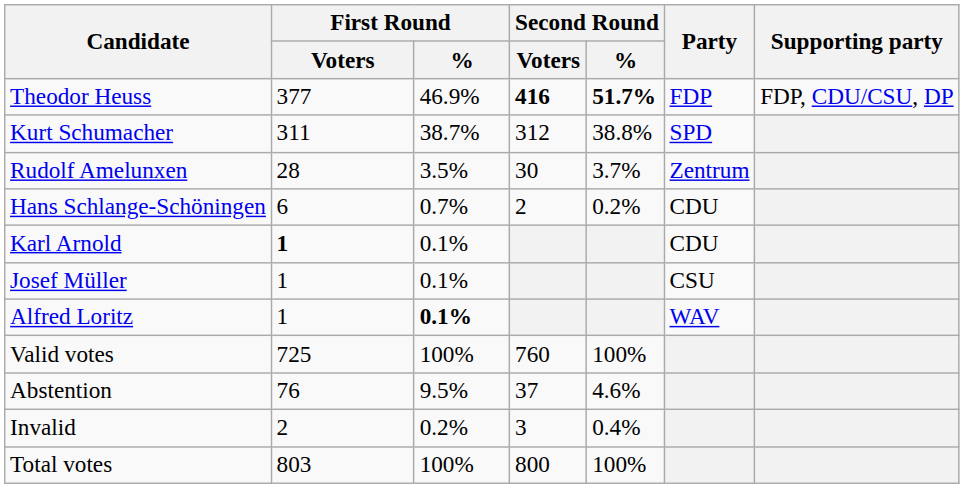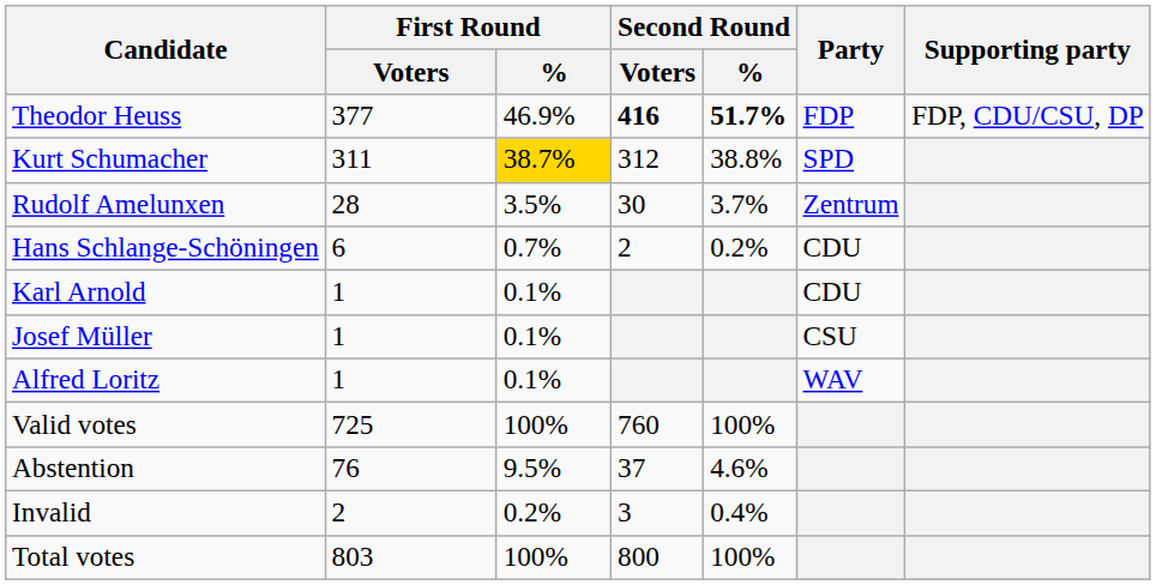 <table class="wikitable">
 <tr>
 <th rowspan="2">Candidate</th>
 <th colspan="2">First Round</th>
 <th colspan="2">Second Round</th>
 <th rowspan="2">Party</th>
 <th rowspan="2">Supporting party</th>
 </tr>
 <tr>
 <th style="width:15%;">Voters</th>
 <th style="width:10%;">%</th>
 <th>Voters</th>
 <th>%</th>
 </tr>
 <tr>
 <td><a href='#'>Theodor Heuss</a></td>
 <td>377</td>
 <td>46.9%</td>
 <td><strong>416</strong></td>
 <td><strong>51.7%</strong></td>
 <td><a href='#'>FDP</a></td>
 <td>FDP, <a href='#'>CDU/CSU</a>, <a href='#'>DP</a></td>
 </tr>
 <tr>
 <td><a href='#'>Kurt Schumacher</a></td>
 <td>311</td>
-<td>38.7%</td>
+<td style="background: gold;">38.7%</td>
 <td>312</td>
 <td>38.8%</td>
 <td><a href='#'>SPD</a></td>
 <th></th>
 </tr>
 <tr>
 <td><a href='#'>Rudolf Amelunxen</a></td>
 <td>28</td>
 <td>3.5%</td>
 <td>30</td>
 <td>3.7%</td>
 <td><a href='#'>Zentrum</a></td>
 <th></th>
 </tr>
 <tr>
 <td><a href='#'>Hans Schlange-Schöningen</a></td>
 <td>6</td>
 <td>0.7%</td>
 <td>2</td>
 <td>0.2%</td>
 <td>CDU</td>
 <th></th>
 </tr>
 <tr>
 <td><a href='#'>Karl Arnold</a></td>
-<td><strong>1</strong></td>
+<td>1</td>
 <td>0.1%</td>
 <th></th>
 <th></th>
 <td>CDU</td>
 <th></th>
 </tr>
 <tr>
 <td><a href='#'>Josef Müller</a></td>
 <td>1</td>
 <td>0.1%</td>
 <th></th>
 <th></th>
 <td>CSU</td>
 <th></th>
 </tr>
 <tr>
 <td><a href='#'>Alfred Loritz</a></td>
 <td>1</td>
-<td><strong>0.1%</strong></td>
+<td>0.1%</td>
 <th></th>
 <th></th>
 <td><a href='#'>WAV</a></td>
 <th></th>
 </tr>
 <tr>
 <td>Valid votes</td>
 <td>725</td>
 <td>100%</td>
 <td>760</td>
 <td>100%</td>
 <th></th>
 <th></th>
 </tr>
 <tr>
 <td>Abstention</td>
 <td>76</td>
 <td>9.5%</td>
 <td>37</td>
 <td>4.6%</td>
 <th></th>
 <th></th>
 </tr>
 <tr>
 <td>Invalid</td>
 <td>2</td>
 <td>0.2%</td>
 <td>3</td>
 <td>0.4%</td>
 <th></th>
 <th></th>
 </tr>
 <tr>
 <td>Total votes</td>
 <td>803</td>
 <td>100%</td>
 <td>800</td>
 <td>100%</td>
 <th></th>
 <th></th>
 </tr>
 </table>
